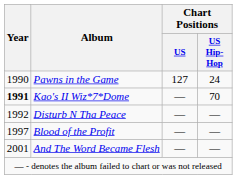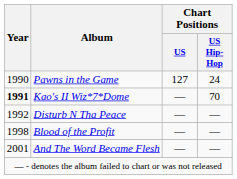 <table class="wikitable" style="text-align:center;">
 <tr>
 <th rowspan="2">Year</th>
 <th rowspan="2">Album</th>
 <th colspan="3">Chart Positions</th>
 </tr>
 <tr style="font-size:smaller;">
 <th style="width:45px;"><a href='#'>US</a></th>
 <th style="width:45px;"><a href='#'>US Hip-Hop</a></th>
 </tr>
 <tr>
 <td>1990</td>
 <td style="text-align:left;"><em><a href='#'>Pawns in the Game</a></em></td>
 <td>127</td>
 <td>24</td>
 </tr>
 <tr>
 <td><strong>1991</strong></td>
 <td style="text-align:left;"><em><a href='#'>Kao's II Wiz*7*Dome</a></em></td>
 <td>—</td>
 <td>70</td>
 </tr>
 <tr>
 <td>1992</td>
 <td align="left"><em><a href='#'>Disturb N Tha Peace</a></em></td>
 <td>—</td>
 <td>—</td>
 </tr>
 <tr>
-<td>1997</td>
+<td>1998</td>
 <td style="text-align:left;"><em><a href='#'>Blood of the Profit</a></em></td>
 <td>—</td>
 <td>—</td>
 </tr>
 <tr>
 <td>2001</td>
 <td style="text-align:left;"><em><a href='#'>And The Word Became Flesh</a></em></td>
 <td>—</td>
 <td>—</td>
 </tr>
 <tr>
 <td style="text-align:center;" colspan="6"><small>— - denotes the album failed to chart or was not released</small></td>
 </tr>
 </table>
